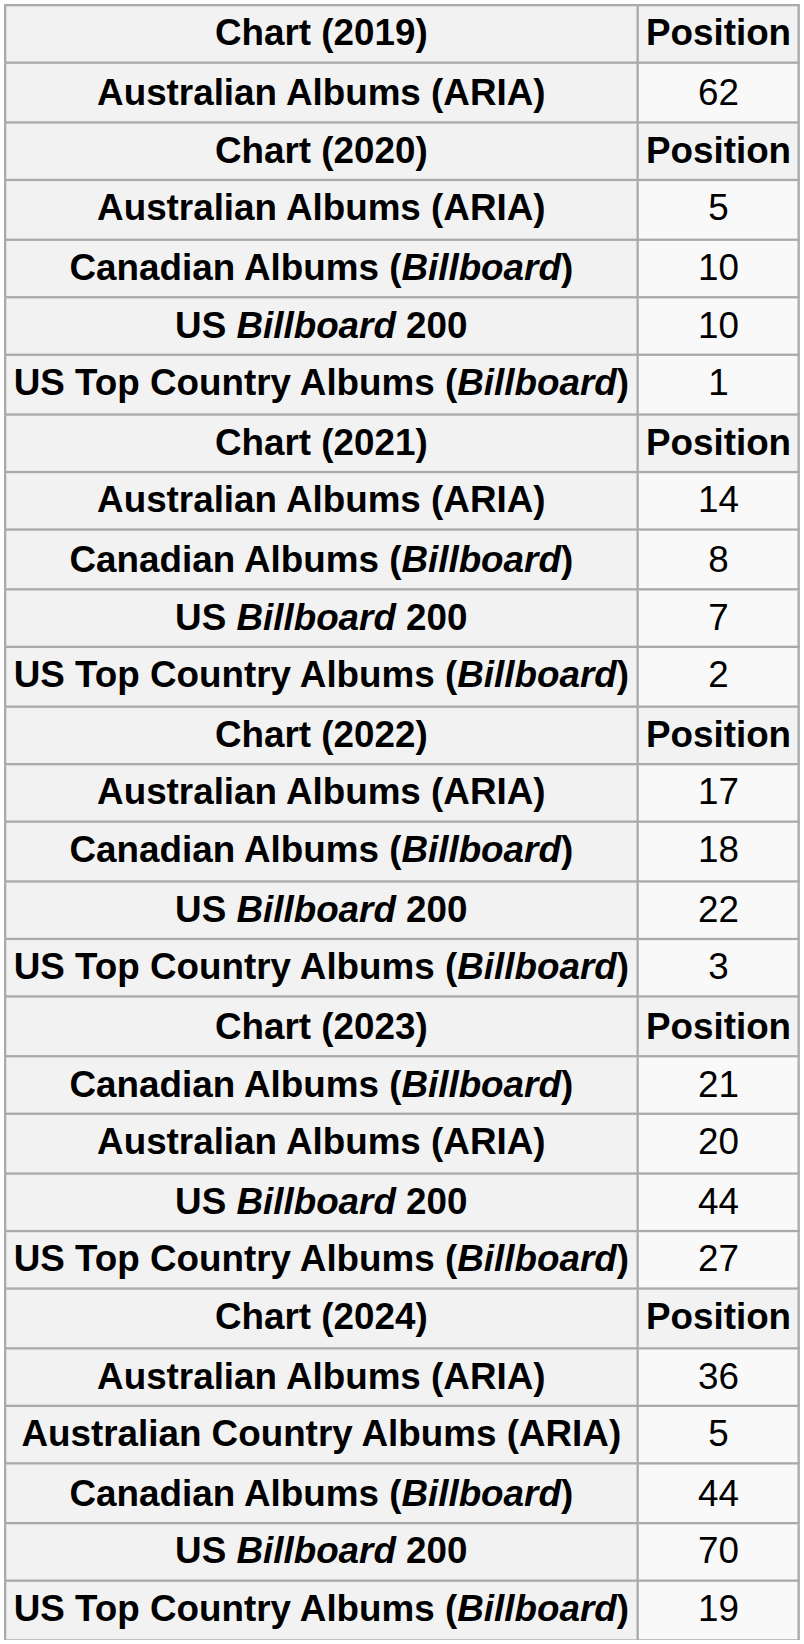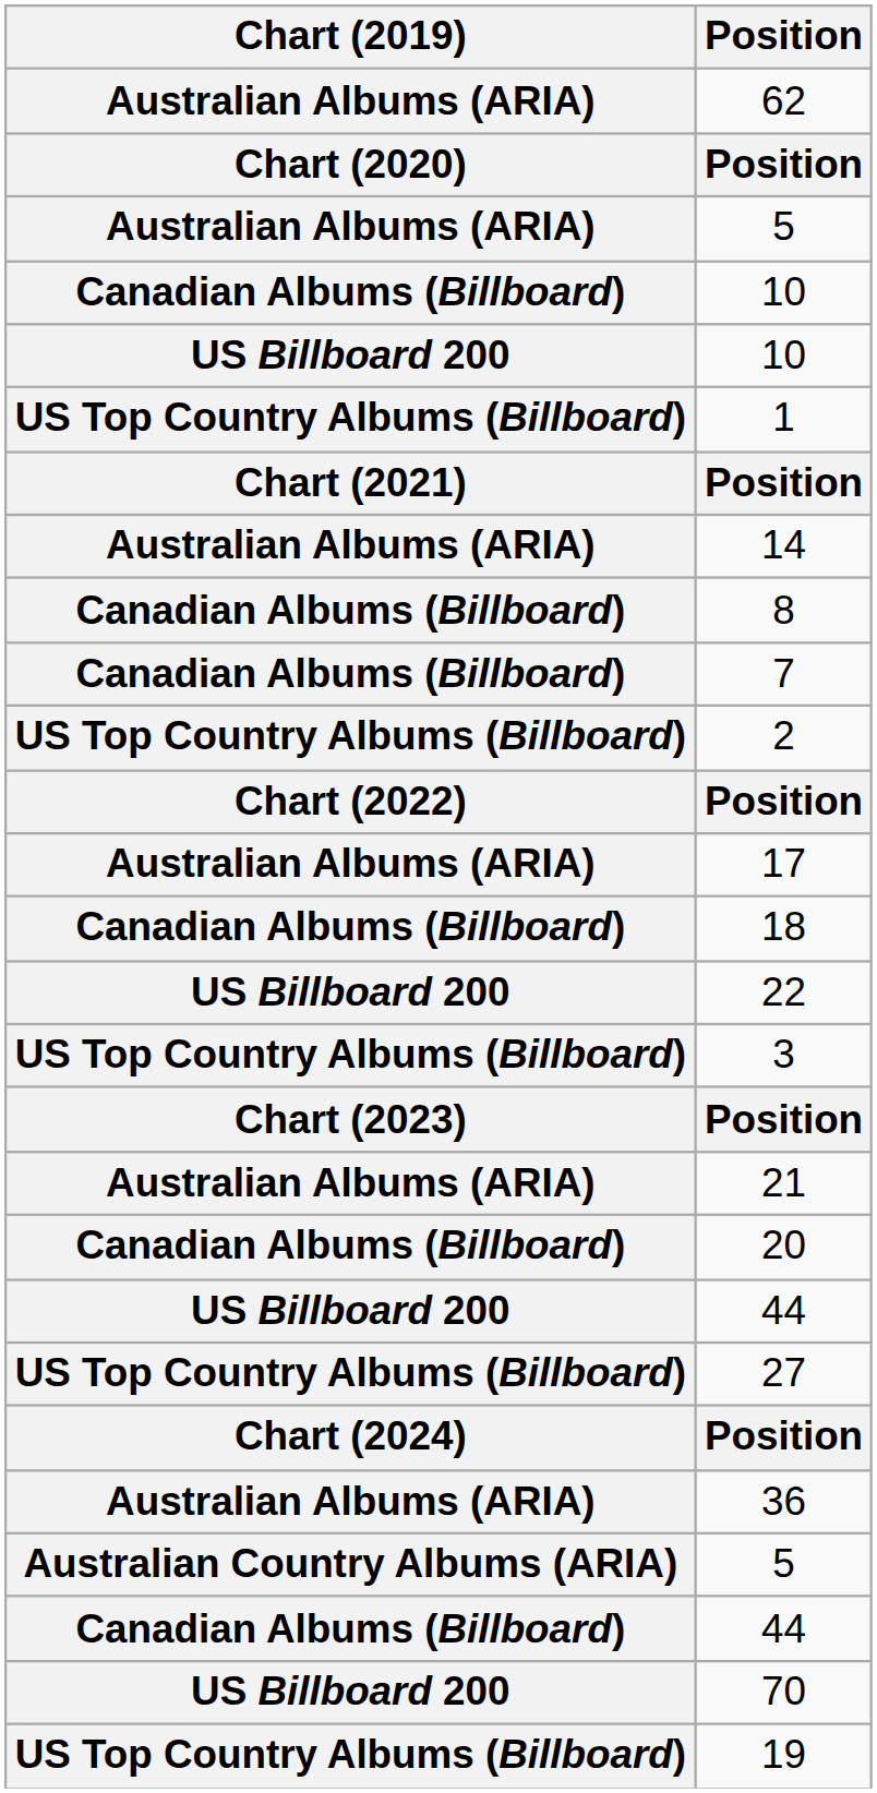 <table class="wikitable plainrowheaders" style="text-align:center">
 <tr>
 <th scope="col">Chart (2019)</th>
 <th scope="col">Position</th>
 </tr>
 <tr>
 <th scope="row">Australian Albums (ARIA)</th>
 <td>62</td>
 </tr>
 <tr>
 <th scope="col">Chart (2020)</th>
 <th scope="col">Position</th>
 </tr>
 <tr>
 <th scope="row">Australian Albums (ARIA)</th>
 <td>5</td>
 </tr>
 <tr>
 <th scope="row">Canadian Albums (<em>Billboard</em>)</th>
 <td>10</td>
 </tr>
 <tr>
 <th scope="row">US <em>Billboard</em> 200</th>
 <td>10</td>
 </tr>
 <tr>
 <th scope="row">US Top Country Albums (<em>Billboard</em>)</th>
 <td>1</td>
 </tr>
 <tr>
 <th scope="col">Chart (2021)</th>
 <th scope="col">Position</th>
 </tr>
 <tr>
 <th scope="row">Australian Albums (ARIA)</th>
 <td>14</td>
 </tr>
 <tr>
 <th scope="row">Canadian Albums (<em>Billboard</em>)</th>
 <td>8</td>
 </tr>
 <tr>
-<th scope="row">US <em>Billboard</em> 200</th>
+<th scope="row">Canadian Albums (<em>Billboard</em>)</th>
 <td>7</td>
 </tr>
 <tr>
 <th scope="row">US Top Country Albums (<em>Billboard</em>)</th>
 <td>2</td>
 </tr>
 <tr>
 <th scope="col">Chart (2022)</th>
 <th scope="col">Position</th>
 </tr>
 <tr>
 <th scope="row">Australian Albums (ARIA)</th>
 <td>17</td>
 </tr>
 <tr>
 <th scope="row">Canadian Albums (<em>Billboard</em>)</th>
 <td>18</td>
 </tr>
 <tr>
 <th scope="row">US <em>Billboard</em> 200</th>
 <td>22</td>
 </tr>
 <tr>
 <th scope="row">US Top Country Albums (<em>Billboard</em>)</th>
 <td>3</td>
 </tr>
 <tr>
 <th scope="col">Chart (2023)</th>
 <th scope="col">Position</th>
 </tr>
 <tr>
-<th scope="row">Canadian Albums (<em>Billboard</em>)</th>
+<th scope="row">Australian Albums (ARIA)</th>
 <td>21</td>
 </tr>
 <tr>
-<th scope="row">Australian Albums (ARIA)</th>
+<th scope="row">Canadian Albums (<em>Billboard</em>)</th>
 <td>20</td>
 </tr>
 <tr>
 <th scope="row">US <em>Billboard</em> 200</th>
 <td>44</td>
 </tr>
 <tr>
 <th scope="row">US Top Country Albums (<em>Billboard</em>)</th>
 <td>27</td>
 </tr>
 <tr>
 <th scope="col">Chart (2024)</th>
 <th scope="col">Position</th>
 </tr>
 <tr>
 <th scope="row">Australian Albums (ARIA)</th>
 <td>36</td>
 </tr>
 <tr>
 <th scope="row">Australian Country Albums (ARIA)</th>
 <td>5</td>
 </tr>
 <tr>
 <th scope="row">Canadian Albums (<em>Billboard</em>)</th>
 <td>44</td>
 </tr>
 <tr>
 <th scope="row">US <em>Billboard</em> 200</th>
 <td>70</td>
 </tr>
 <tr>
 <th scope="row">US Top Country Albums (<em>Billboard</em>)</th>
 <td>19</td>
 </tr>
 </table>
